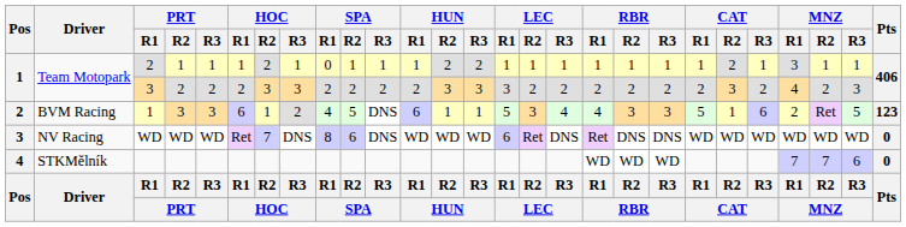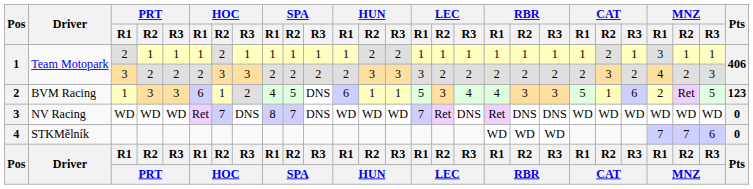 <table class="wikitable" style="font-size: 85%; text-align:center">
 <tr>
 <th rowspan="2" valign="middle">Pos</th>
 <th rowspan="2" valign="middle">Driver</th>
 <th colspan="3"><a href='#'>PRT</a><br></th>
 <th colspan="3"><a href='#'>HOC</a><br></th>
 <th colspan="3"><a href='#'>SPA</a><br></th>
 <th colspan="3"><a href='#'>HUN</a><br></th>
 <th colspan="3"><a href='#'>LEC</a><br></th>
 <th colspan="3"><a href='#'>RBR</a><br></th>
 <th colspan="3"><a href='#'>CAT</a><br></th>
 <th colspan="3"><a href='#'>MNZ</a><br></th>
 <th rowspan="2" valign="middle">Pts</th>
 </tr>
 <tr>
 <th>R1</th>
 <th>R2</th>
 <th>R3</th>
 <th>R1</th>
 <th>R2</th>
 <th>R3</th>
 <th>R1</th>
 <th>R2</th>
 <th>R3</th>
 <th>R1</th>
 <th>R2</th>
 <th>R3</th>
 <th>R1</th>
 <th>R2</th>
 <th>R3</th>
 <th>R1</th>
 <th>R2</th>
 <th>R3</th>
 <th>R1</th>
 <th>R2</th>
 <th>R3</th>
 <th>R1</th>
 <th>R2</th>
 <th>R3</th>
 </tr>
 <tr>
 <th rowspan="2">1</th>
 <td rowspan="2"  align="left" nowrap> <a href='#'>Team Motopark</a></td>
 <td style="background:#dfdfdf;">2</td>
 <td style="background:#FFFFBF;">1</td>
 <td style="background:#FFFFBF;">1</td>
 <td style="background:#FFFFBF;">1</td>
 <td style="background:#dfdfdf;">2</td>
 <td style="background:#FFFFBF;">1</td>
-<td style="background:#FFFFBF;">0</td>
+<td style="background:#FFFFBF;">1</td>
 <td style="background:#FFFFBF;">1</td>
 <td style="background:#FFFFBF;">1</td>
 <td style="background:#FFFFBF;">1</td>
 <td style="background:#dfdfdf;">2</td>
 <td style="background:#dfdfdf;">2</td>
 <td style="background:#FFFFBF;">1</td>
 <td style="background:#FFFFBF;">1</td>
 <td style="background:#FFFFBF;">1</td>
 <td style="background:#FFFFBF;">1</td>
 <td style="background:#FFFFBF;">1</td>
 <td style="background:#FFFFBF;">1</td>
 <td style="background:#FFFFBF;">1</td>
 <td style="background:#dfdfdf;">2</td>
 <td style="background:#FFFFBF;">1</td>
 <td style="background:#dfdfdf;">3</td>
 <td style="background:#FFFFBF;">1</td>
 <td style="background:#FFFFBF;">1</td>
 <th rowspan="2">406</th>
 </tr>
 <tr>
 <td style="background:#ffdf9f;">3</td>
 <td style="background:#dfdfdf;">2</td>
 <td style="background:#dfdfdf;">2</td>
 <td style="background:#dfdfdf;">2</td>
 <td style="background:#ffdf9f;">3</td>
 <td style="background:#ffdf9f;">3</td>
 <td style="background:#dfdfdf;">2</td>
 <td style="background:#dfdfdf;">2</td>
 <td style="background:#dfdfdf;">2</td>
 <td style="background:#dfdfdf;">2</td>
 <td style="background:#ffdf9f;">3</td>
 <td style="background:#ffdf9f;">3</td>
 <td style="background:#dfdfdf;">3</td>
 <td style="background:#dfdfdf;">2</td>
 <td style="background:#dfdfdf;">2</td>
 <td style="background:#dfdfdf;">2</td>
 <td style="background:#dfdfdf;">2</td>
 <td style="background:#dfdfdf;">2</td>
 <td style="background:#dfdfdf;">2</td>
 <td style="background:#ffdf9f;">3</td>
 <td style="background:#dfdfdf;">2</td>
 <td style="background:#ffdf9f;">4</td>
 <td style="background:#dfdfdf;">2</td>
 <td style="background:#dfdfdf;">3</td>
 </tr>
 <tr>
 <th>2</th>
 <td align="left"> BVM Racing</td>
 <td style="background:#FFFFBF;">1</td>
 <td style="background:#ffdf9f;">3</td>
 <td style="background:#ffdf9f;">3</td>
 <td style="background:#CFCFFF;">6</td>
 <td style="background:#FFFFBF;">1</td>
 <td style="background:#dfdfdf;">2</td>
 <td style="background:#DFFFDF;">4</td>
 <td style="background:#DFFFDF;">5</td>
 <td style="background:#FFFFFF;">DNS</td>
 <td style="background:#CFCFFF;">6</td>
 <td style="background:#FFFFBF;">1</td>
 <td style="background:#FFFFBF;">1</td>
 <td style="background:#DFFFDF;">5</td>
 <td style="background:#ffdf9f;">3</td>
 <td style="background:#DFFFDF;">4</td>
 <td style="background:#DFFFDF;">4</td>
 <td style="background:#ffdf9f;">3</td>
 <td style="background:#ffdf9f;">3</td>
 <td style="background:#DFFFDF;">5</td>
 <td style="background:#FFFFBF;">1</td>
 <td style="background:#CFCFFF;">6</td>
 <td style="background:#FFFFBF;">2</td>
 <td style="background:#EFCFFF;">Ret</td>
 <td style="background:#DFFFDF;">5</td>
 <th>123</th>
 </tr>
 <tr>
 <th>3</th>
 <td align="left"> NV Racing</td>
 <td style="background:#FFFFFF;">WD</td>
 <td style="background:#FFFFFF;">WD</td>
 <td style="background:#FFFFFF;">WD</td>
 <td style="background:#EFCFFF;">Ret</td>
 <td style="background:#CFCFFF;">7</td>
 <td style="background:#FFFFFF;">DNS</td>
 <td style="background:#CFCFFF;">8</td>
-<td style="background:#CFCFFF;">6</td>
+<td style="background:#CFCFFF;">7</td>
 <td style="background:#FFFFFF;">DNS</td>
 <td style="background:#FFFFFF;">WD</td>
 <td style="background:#FFFFFF;">WD</td>
 <td style="background:#FFFFFF;">WD</td>
-<td style="background:#CFCFFF;">6</td>
+<td style="background:#CFCFFF;">7</td>
 <td style="background:#EFCFFF;">Ret</td>
 <td style="background:#FFFFFF;">DNS</td>
 <td style="background:#efcfff;">Ret</td>
 <td style="background:#FFFFFF;">DNS</td>
 <td style="background:#FFFFFF;">DNS</td>
 <td style="background:#FFFFFF;">WD</td>
 <td style="background:#FFFFFF;">WD</td>
 <td style="background:#FFFFFF;">WD</td>
 <td style="background:#FFFFFF;">WD</td>
 <td style="background:#FFFFFF;">WD</td>
 <td style="background:#FFFFFF;">WD</td>
 <th>0</th>
 </tr>
 <tr>
 <th>4</th>
 <td align="left"> STKMělník</td>
 <td></td>
 <td></td>
 <td></td>
 <td></td>
 <td></td>
 <td></td>
 <td></td>
 <td></td>
 <td></td>
 <td></td>
 <td></td>
 <td></td>
 <td></td>
 <td></td>
 <td></td>
 <td style="background:#FFFFFF;">WD</td>
 <td style="background:#FFFFFF;">WD</td>
 <td style="background:#FFFFFF;">WD</td>
 <td></td>
 <td></td>
 <td></td>
 <td style="background:#CFCFFF;">7</td>
 <td style="background:#CFCFFF;">7</td>
 <td style="background:#CFCFFF;">6</td>
 <th>0</th>
 </tr>
 <tr>
 <th rowspan="2">Pos</th>
 <th rowspan="2">Driver</th>
 <th>R1</th>
 <th>R2</th>
 <th>R3</th>
 <th>R1</th>
 <th>R2</th>
 <th>R3</th>
 <th>R1</th>
 <th>R2</th>
 <th>R3</th>
 <th>R1</th>
 <th>R2</th>
 <th>R3</th>
 <th>R1</th>
 <th>R2</th>
 <th>R3</th>
 <th>R1</th>
 <th>R2</th>
 <th>R3</th>
 <th>R1</th>
 <th>R2</th>
 <th>R3</th>
 <th>R1</th>
 <th>R2</th>
 <th>R3</th>
 <th rowspan="2">Pts</th>
 </tr>
 <tr>
 <th colspan="3"><a href='#'>PRT</a><br></th>
 <th colspan="3"><a href='#'>HOC</a><br></th>
 <th colspan="3"><a href='#'>SPA</a><br></th>
 <th colspan="3"><a href='#'>HUN</a><br></th>
 <th colspan="3"><a href='#'>LEC</a><br></th>
 <th colspan="3"><a href='#'>RBR</a><br></th>
 <th colspan="3"><a href='#'>CAT</a><br></th>
 <th colspan="3"><a href='#'>MNZ</a><br></th>
 </tr>
 </table>
